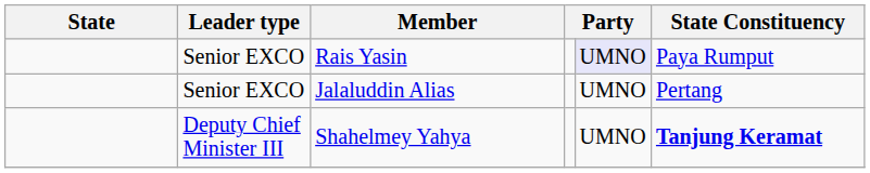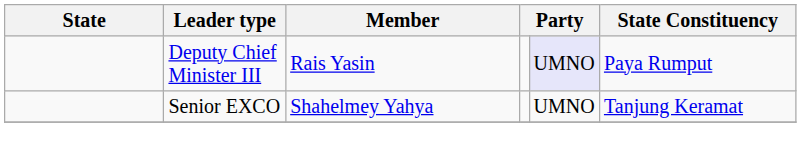 <table class ="wikitable sortable">
 <tr>
 <th style="width:120px;">State</th>
 <th style="width:90px;">Leader type</th>
 <th style="width:180px;">Member</th>
 <th style="width:44px;" colspan=2>Party</th>
 <th style="width:150px;">State Constituency</th>
 </tr>
 <tr>
 <td></td>
-<td>Senior EXCO</td>
+<td><a href='#'>Deputy Chief Minister III</a></td>
 <td><a href='#'>Rais Yasin</a></td>
 <td></td>
 <td style="background: lavender;">UMNO</td>
 <td><a href='#'>Paya Rumput</a></td>
 </tr>
 <tr>
 <td></td>
 <td>Senior EXCO</td>
-<td><a href='#'>Jalaluddin Alias</a></td>
-<td></td>
-<td>UMNO</td>
-<td><a href='#'>Pertang</a></td>
-</tr>
-<tr>
-<td></td>
-<td><a href='#'>Deputy Chief Minister III</a></td>
 <td><a href='#'>Shahelmey Yahya</a></td>
 <td></td>
 <td>UMNO</td>
-<td><strong><a href='#'>Tanjung Keramat</a></strong></td>
+<td><a href='#'>Tanjung Keramat</a></td>
 </tr>
 <tr>
 </tr>
 </table>
